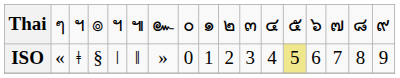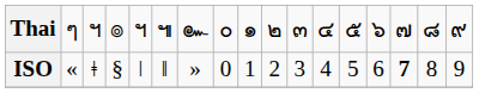 <table class="wikitable" style="font-size:150%; text-align: center">
 <tr>
 <th>Thai</th>
 <td>ๆ</td>
 <td>ฯ</td>
 <td>๏</td>
 <td>ฯ</td>
 <td>๚</td>
 <td>๛</td>
 <td>๐</td>
 <td>๑</td>
 <td>๒</td>
 <td>๓</td>
 <td>๔</td>
 <td>๕</td>
 <td>๖</td>
 <td>๗</td>
 <td>๘</td>
 <td>๙</td>
 </tr>
 <tr>
 <th>ISO</th>
 <td>«</td>
 <td>ǂ</td>
 <td>§</td>
 <td>ǀ</td>
 <td>ǁ</td>
 <td>»</td>
 <td>0</td>
 <td>1</td>
 <td>2</td>
 <td>3</td>
 <td>4</td>
-<td style="background: khaki;">5</td>
+<td>5</td>
 <td>6</td>
-<td>7</td>
+<td><strong>7</strong></td>
 <td>8</td>
 <td>9</td>
 </tr>
 <tr>
 </tr>
 </table>
